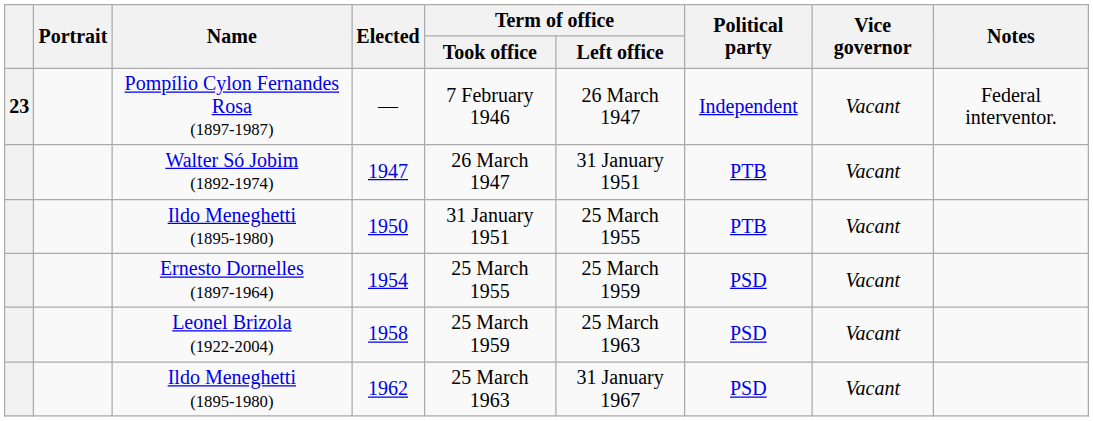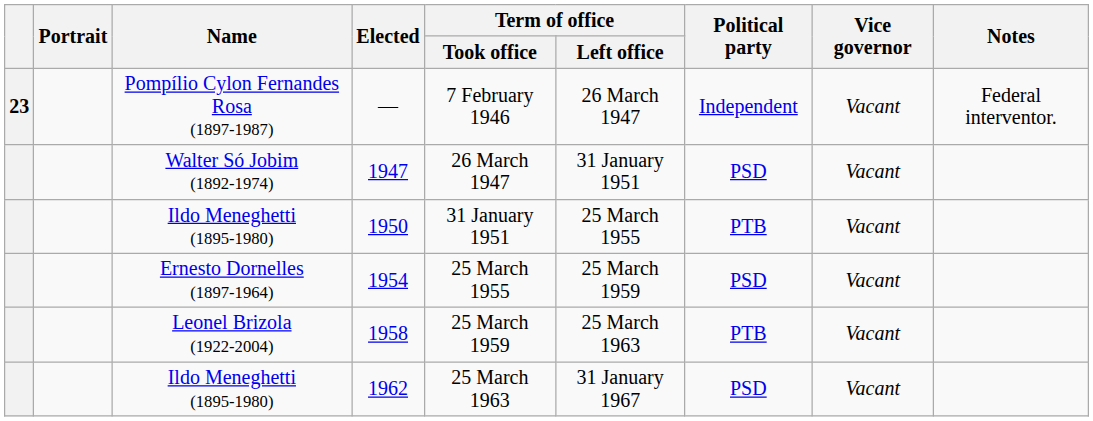 <table class="wikitable" style="text-align:center;">
 <tr>
 <th rowspan="2"></th>
 <th rowspan="2">Portrait</th>
 <th rowspan="2">Name</th>
 <th rowspan="2">Elected</th>
 <th colspan="2">Term of office</th>
 <th rowspan="2">Political party</th>
 <th rowspan="2">Vice governor</th>
 <th rowspan="2">Notes</th>
 </tr>
 <tr>
 <th>Took office</th>
 <th>Left office</th>
 </tr>
 <tr>
 <th style="background:">23</th>
 <td></td>
 <td><a href='#'>Pompílio Cylon Fernandes Rosa</a><br><small>(1897-1987)</small></td>
 <td>—</td>
 <td>7 February 1946</td>
 <td>26 March 1947</td>
 <td><a href='#'>Independent</a></td>
 <td><em>Vacant</em></td>
 <td>Federal interventor.</td>
 </tr>
 <tr>
 <th style="background:"></th>
 <td></td>
 <td><a href='#'>Walter Só Jobim</a><br><small>(1892-1974)</small></td>
 <td><a href='#'>1947</a></td>
 <td>26 March 1947</td>
 <td>31 January 1951</td>
-<td><a href='#'>PTB</a></td>
+<td><a href='#'>PSD</a></td>
 <td><em>Vacant</em></td>
 <td></td>
 </tr>
 <tr>
 <th style="background:"></th>
 <td></td>
 <td><a href='#'>Ildo Meneghetti</a><br><small>(1895-1980)</small></td>
 <td><a href='#'>1950</a></td>
 <td>31 January 1951</td>
 <td>25 March 1955</td>
 <td><a href='#'>PTB</a></td>
 <td><em>Vacant</em></td>
 <td></td>
 </tr>
 <tr>
 <th style="background:"></th>
 <td></td>
 <td><a href='#'>Ernesto Dornelles</a><br><small>(1897-1964)</small></td>
 <td><a href='#'>1954</a></td>
 <td>25 March 1955</td>
 <td>25 March 1959</td>
 <td><a href='#'>PSD</a></td>
 <td><em>Vacant</em></td>
 <td></td>
 </tr>
 <tr>
 <th style="background:"></th>
 <td></td>
 <td><a href='#'>Leonel Brizola</a><br><small>(1922-2004)</small></td>
 <td><a href='#'>1958</a></td>
 <td>25 March 1959</td>
 <td>25 March 1963</td>
-<td><a href='#'>PSD</a></td>
+<td><a href='#'>PTB</a></td>
 <td><em>Vacant</em></td>
 <td></td>
 </tr>
 <tr>
 <th style="background:"></th>
 <td></td>
 <td><a href='#'>Ildo Meneghetti</a><br><small>(1895-1980)</small></td>
 <td><a href='#'>1962</a></td>
 <td>25 March 1963</td>
 <td>31 January 1967</td>
 <td><a href='#'>PSD</a></td>
 <td><em>Vacant</em></td>
 <td></td>
 </tr>
 </table>
